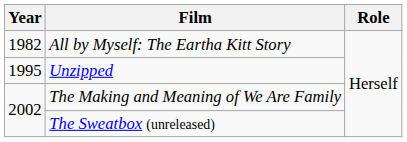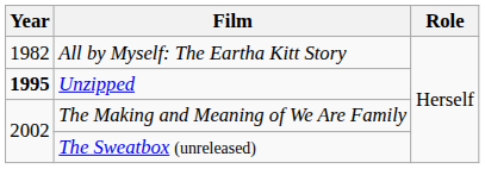 <table class="wikitable sortable">
 <tr>
 <th>Year</th>
 <th>Film</th>
 <th>Role</th>
 </tr>
 <tr>
 <td>1982</td>
 <td><em>All by Myself: The Eartha Kitt Story</em></td>
 <td rowspan="4">Herself</td>
 </tr>
 <tr>
-<td>1995</td>
+<td><strong>1995</strong></td>
 <td><em><a href='#'>Unzipped</a></em></td>
 </tr>
 <tr>
 <td rowspan="2">2002</td>
 <td><em>The Making and Meaning of We Are Family</em></td>
 </tr>
 <tr>
 <td><em><a href='#'>The Sweatbox</a></em> <small>(unreleased)</small></td>
 </tr>
 </table>
